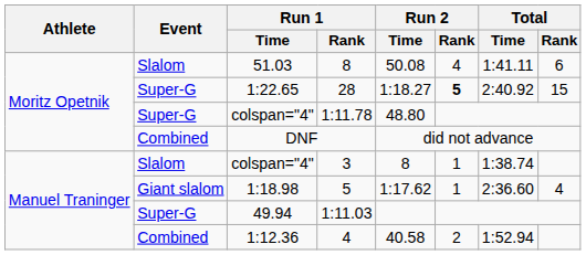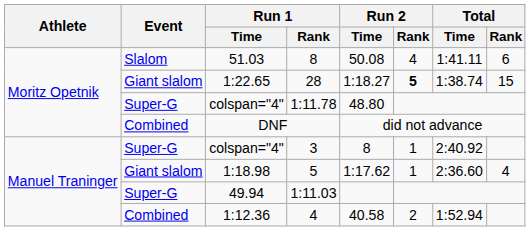 <table class="wikitable" style="font-size:90%">
 <tr>
 <th rowspan=2>Athlete</th>
 <th rowspan=2>Event</th>
 <th colspan=2>Run 1</th>
 <th colspan=2>Run 2</th>
 <th colspan=2>Total</th>
 </tr>
 <tr style="font-size:95%">
 <th>Time</th>
 <th>Rank</th>
 <th>Time</th>
 <th>Rank</th>
 <th>Time</th>
 <th>Rank</th>
 </tr>
 <tr align=center>
 <td align="left" rowspan="4"><a href='#'>Moritz Opetnik</a></td>
 <td align="left"><a href='#'>Slalom</a></td>
 <td>51.03</td>
 <td>8</td>
 <td>50.08</td>
 <td>4</td>
 <td>1:41.11</td>
 <td>6</td>
 </tr>
 <tr align=center>
-<td align="left"><a href='#'>Super-G</a></td>
+<td align="left"><a href='#'>Giant slalom</a></td>
 <td>1:22.65</td>
 <td>28</td>
 <td>1:18.27</td>
 <td><strong>5</strong></td>
-<td>2:40.92</td>
+<td>1:38.74</td>
 <td>15</td>
 </tr>
 <tr align=center>
 <td align="left"><a href='#'>Super-G</a></td>
 <td>colspan="4" </td>
 <td>1:11.78</td>
 <td>48.80</td>
 </tr>
 <tr align=center>
 <td align="left"><a href='#'>Combined</a></td>
 <td colspan=2>DNF</td>
 <td colspan=4>did not advance</td>
 </tr>
 <tr align=center>
 <td align="left" rowspan="4"><a href='#'>Manuel Traninger</a></td>
-<td align="left"><a href='#'>Slalom</a></td>
+<td align="left"><a href='#'>Super-G</a></td>
 <td>colspan="4" </td>
 <td>3</td>
 <td>8</td>
 <td>1</td>
-<td>1:38.74</td>
+<td>2:40.92</td>
 <td></td>
 </tr>
 <tr align=center>
 <td align="left"><a href='#'>Giant slalom</a></td>
 <td>1:18.98</td>
 <td>5</td>
 <td>1:17.62</td>
 <td>1</td>
 <td>2:36.60</td>
 <td>4</td>
 </tr>
 <tr align=center>
 <td align="left"><a href='#'>Super-G</a></td>
 <td>49.94</td>
 <td>1:11.03</td>
 <td></td>
 </tr>
 <tr align=center>
 <td align="left"><a href='#'>Combined</a></td>
 <td>1:12.36</td>
 <td>4</td>
 <td>40.58</td>
 <td>2</td>
 <td>1:52.94</td>
 <td></td>
 </tr>
 </table>
